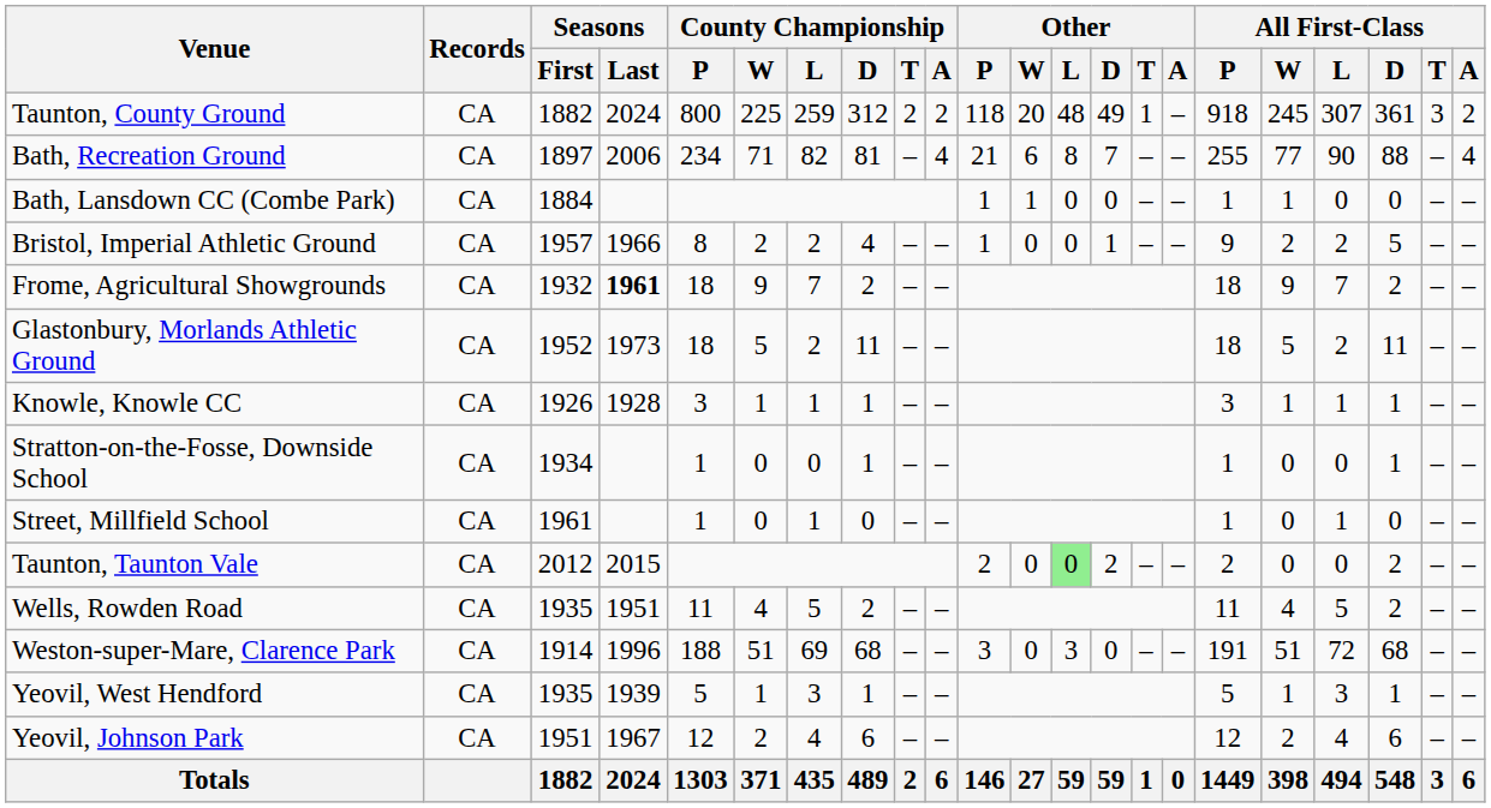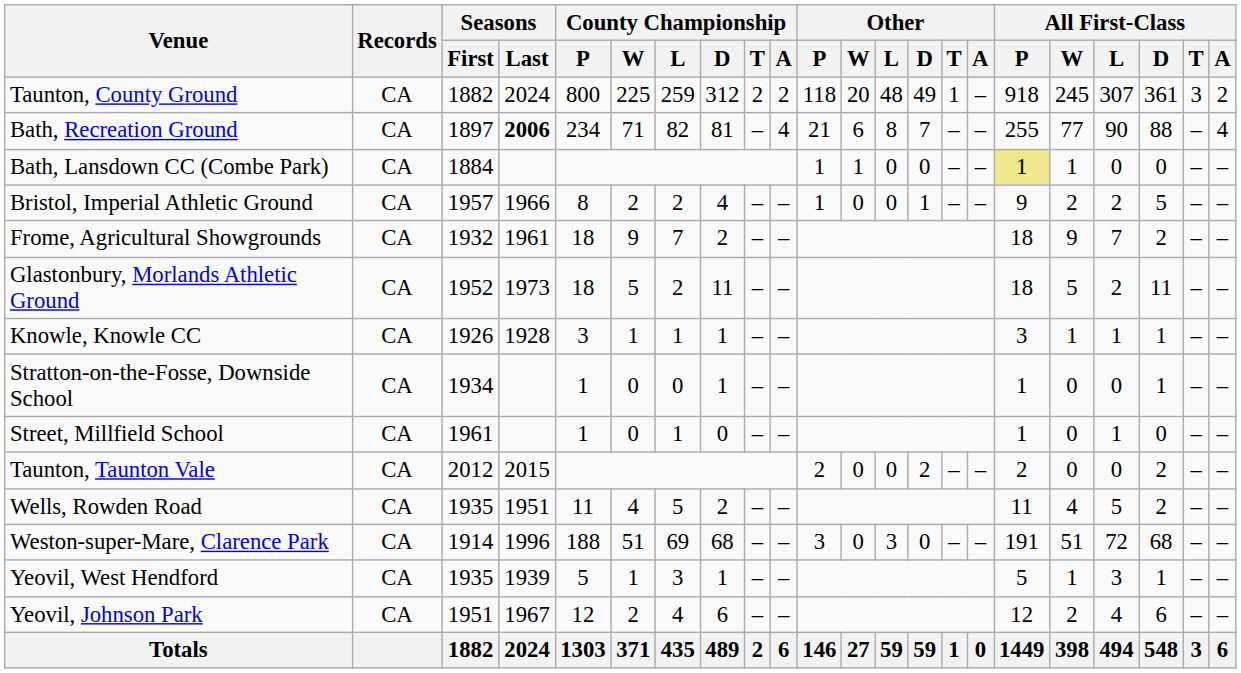 <table class="wikitable" style="text-align: center;">
 <tr>
 <th align=left rowspan=2>Venue</th>
 <th rowspan=2>Records</th>
 <th colspan=2>Seasons</th>
 <th colspan=6>County Championship</th>
 <th colspan=6>Other</th>
 <th colspan=6>All First-Class</th>
 </tr>
 <tr>
 <th align=left>First</th>
 <th>Last</th>
 <th>P</th>
 <th>W</th>
 <th>L</th>
 <th>D</th>
 <th>T</th>
 <th>A</th>
 <th>P</th>
 <th>W</th>
 <th>L</th>
 <th>D</th>
 <th>T</th>
 <th>A</th>
 <th>P</th>
 <th>W</th>
 <th>L</th>
 <th>D</th>
 <th>T</th>
 <th>A</th>
 </tr>
 <tr>
 <td align=left>Taunton, <a href='#'>County Ground</a></td>
 <td>CA</td>
 <td>1882</td>
 <td>2024</td>
 <td>800</td>
 <td>225</td>
 <td>259</td>
 <td>312</td>
 <td>2</td>
 <td>2</td>
 <td>118</td>
 <td>20</td>
 <td>48</td>
 <td>49</td>
 <td>1</td>
 <td>–</td>
 <td>918</td>
 <td>245</td>
 <td>307</td>
 <td>361</td>
 <td>3</td>
 <td>2</td>
 </tr>
 <tr>
 <td align=left>Bath, <a href='#'>Recreation Ground</a></td>
 <td>CA</td>
 <td>1897</td>
-<td>2006</td>
+<td><strong>2006</strong></td>
 <td>234</td>
 <td>71</td>
 <td>82</td>
 <td>81</td>
 <td>–</td>
 <td>4</td>
 <td>21</td>
 <td>6</td>
 <td>8</td>
 <td>7</td>
 <td>–</td>
 <td>–</td>
 <td>255</td>
 <td>77</td>
 <td>90</td>
 <td>88</td>
 <td>–</td>
 <td>4</td>
 </tr>
 <tr>
 <td align=left>Bath, Lansdown CC (Combe Park)</td>
 <td>CA</td>
 <td>1884</td>
 <td></td>
 <td colspan=6></td>
 <td>1</td>
 <td>1</td>
 <td>0</td>
 <td>0</td>
 <td>–</td>
 <td>–</td>
-<td>1</td>
+<td style="background: khaki;">1</td>
 <td>1</td>
 <td>0</td>
 <td>0</td>
 <td>–</td>
 <td>–</td>
 </tr>
 <tr>
 <td align=left>Bristol, Imperial Athletic Ground</td>
 <td>CA</td>
 <td>1957</td>
 <td>1966</td>
 <td>8</td>
 <td>2</td>
 <td>2</td>
 <td>4</td>
 <td>–</td>
 <td>–</td>
 <td>1</td>
 <td>0</td>
 <td>0</td>
 <td>1</td>
 <td>–</td>
 <td>–</td>
 <td>9</td>
 <td>2</td>
 <td>2</td>
 <td>5</td>
 <td>–</td>
 <td>–</td>
 </tr>
 <tr>
 <td align=left>Frome, Agricultural Showgrounds</td>
 <td>CA</td>
 <td>1932</td>
-<td><strong>1961</strong></td>
+<td>1961</td>
 <td>18</td>
 <td>9</td>
 <td>7</td>
 <td>2</td>
 <td>–</td>
 <td>–</td>
 <td colspan=6></td>
 <td>18</td>
 <td>9</td>
 <td>7</td>
 <td>2</td>
 <td>–</td>
 <td>–</td>
 </tr>
 <tr>
 <td align=left>Glastonbury, <a href='#'>Morlands Athletic Ground</a></td>
 <td>CA</td>
 <td>1952</td>
 <td>1973</td>
 <td>18</td>
 <td>5</td>
 <td>2</td>
 <td>11</td>
 <td>–</td>
 <td>–</td>
 <td colspan=6></td>
 <td>18</td>
 <td>5</td>
 <td>2</td>
 <td>11</td>
 <td>–</td>
 <td>–</td>
 </tr>
 <tr>
 <td align=left>Knowle, Knowle CC</td>
 <td>CA</td>
 <td>1926</td>
 <td>1928</td>
 <td>3</td>
 <td>1</td>
 <td>1</td>
 <td>1</td>
 <td>–</td>
 <td>–</td>
 <td colspan=6></td>
 <td>3</td>
 <td>1</td>
 <td>1</td>
 <td>1</td>
 <td>–</td>
 <td>–</td>
 </tr>
 <tr>
 <td align=left>Stratton-on-the-Fosse, Downside School</td>
 <td>CA</td>
 <td>1934</td>
 <td></td>
 <td>1</td>
 <td>0</td>
 <td>0</td>
 <td>1</td>
 <td>–</td>
 <td>–</td>
 <td colspan=6></td>
 <td>1</td>
 <td>0</td>
 <td>0</td>
 <td>1</td>
 <td>–</td>
 <td>–</td>
 </tr>
 <tr>
 <td align=left>Street, Millfield School</td>
 <td>CA</td>
 <td>1961</td>
 <td></td>
 <td>1</td>
 <td>0</td>
 <td>1</td>
 <td>0</td>
 <td>–</td>
 <td>–</td>
 <td colspan=6></td>
 <td>1</td>
 <td>0</td>
 <td>1</td>
 <td>0</td>
 <td>–</td>
 <td>–</td>
 </tr>
 <tr>
 <td align=left>Taunton, <a href='#'>Taunton Vale</a></td>
 <td>CA</td>
 <td>2012</td>
 <td>2015</td>
 <td colspan=6></td>
 <td>2</td>
 <td>0</td>
-<td style="background: lightgreen;">0</td>
+<td>0</td>
 <td>2</td>
 <td>–</td>
 <td>–</td>
 <td>2</td>
 <td>0</td>
 <td>0</td>
 <td>2</td>
 <td>–</td>
 <td>–</td>
 </tr>
 <tr>
 <td align=left>Wells, Rowden Road</td>
 <td>CA</td>
 <td>1935</td>
 <td>1951</td>
 <td>11</td>
 <td>4</td>
 <td>5</td>
 <td>2</td>
 <td>–</td>
 <td>–</td>
 <td colspan=6></td>
 <td>11</td>
 <td>4</td>
 <td>5</td>
 <td>2</td>
 <td>–</td>
 <td>–</td>
 </tr>
 <tr>
 <td align=left>Weston-super-Mare, <a href='#'>Clarence Park</a></td>
 <td>CA</td>
 <td>1914</td>
 <td>1996</td>
 <td>188</td>
 <td>51</td>
 <td>69</td>
 <td>68</td>
 <td>–</td>
 <td>–</td>
 <td>3</td>
 <td>0</td>
 <td>3</td>
 <td>0</td>
 <td>–</td>
 <td>–</td>
 <td>191</td>
 <td>51</td>
 <td>72</td>
 <td>68</td>
 <td>–</td>
 <td>–</td>
 </tr>
 <tr>
 <td align=left>Yeovil, West Hendford</td>
 <td>CA</td>
 <td>1935</td>
 <td>1939</td>
 <td>5</td>
 <td>1</td>
 <td>3</td>
 <td>1</td>
 <td>–</td>
 <td>–</td>
 <td colspan=6></td>
 <td>5</td>
 <td>1</td>
 <td>3</td>
 <td>1</td>
 <td>–</td>
 <td>–</td>
 </tr>
 <tr>
 <td align=left>Yeovil, <a href='#'>Johnson Park</a></td>
 <td>CA</td>
 <td>1951</td>
 <td>1967</td>
 <td>12</td>
 <td>2</td>
 <td>4</td>
 <td>6</td>
 <td>–</td>
 <td>–</td>
 <td colspan=6></td>
 <td>12</td>
 <td>2</td>
 <td>4</td>
 <td>6</td>
 <td>–</td>
 <td>–</td>
 </tr>
 <tr>
 <th>Totals</th>
 <th></th>
 <th>1882</th>
 <th>2024</th>
 <th>1303</th>
 <th>371</th>
 <th>435</th>
 <th>489</th>
 <th>2</th>
 <th>6</th>
 <th>146</th>
 <th>27</th>
 <th>59</th>
 <th>59</th>
 <th>1</th>
 <th>0</th>
 <th>1449</th>
 <th>398</th>
 <th>494</th>
 <th>548</th>
 <th>3</th>
 <th>6</th>
 </tr>
 </table>
